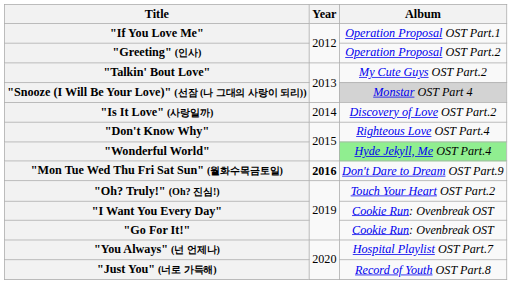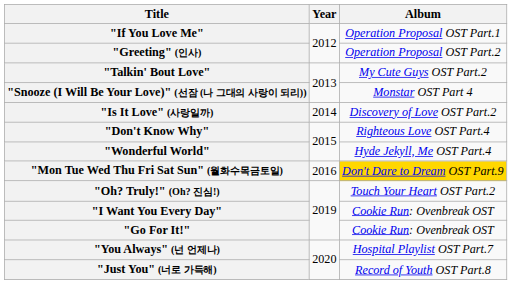 <table class="wikitable plainrowheaders" style="text-align: center;">
 <tr>
 <th>Title</th>
 <th>Year</th>
 <th>Album</th>
 </tr>
 <tr>
 <th scope="row">"If You Love Me"</th>
 <td rowspan="2">2012</td>
 <td><em><a href='#'>Operation Proposal</a> OST Part.1</em></td>
 </tr>
 <tr>
 <th scope="row">"Greeting" <small> (인사)</small></th>
 <td><em><a href='#'>Operation Proposal</a> OST Part.2</em></td>
 </tr>
 <tr>
 <th scope="row">"Talkin' Bout Love"</th>
 <td rowspan="2">2013</td>
 <td><em><a href='#'>My Cute Guys</a> OST Part.2</em></td>
 </tr>
 <tr>
 <th scope="row">"Snooze (I Will Be Your Love)" <small>(선잠 (나 그대의 사랑이 되리))</small></th>
-<td style="background: lightgrey;"><em><a href='#'>Monstar</a> OST Part 4</em></td>
+<td><em><a href='#'>Monstar</a> OST Part 4</em></td>
 </tr>
 <tr>
 <th scope="row">"Is It Love" <small>(사랑일까)</small></th>
 <td>2014</td>
 <td><em><a href='#'>Discovery of Love</a> OST Part.2</em></td>
 </tr>
 <tr>
 <th scope="row">"Don't Know Why"</th>
 <td rowspan="2">2015</td>
 <td><em><a href='#'>Righteous Love</a> OST Part.4</em></td>
 </tr>
 <tr>
 <th scope="row">"Wonderful World"</th>
-<td style="background: lightgreen;"><em><a href='#'>Hyde Jekyll, Me</a> OST Part.4</em></td>
+<td><em><a href='#'>Hyde Jekyll, Me</a> OST Part.4</em></td>
 </tr>
 <tr>
 <th scope="row">"Mon Tue Wed Thu Fri Sat Sun" <small>(월화수목금토일)</small></th>
-<td><strong>2016</strong></td>
-<td><em><a href='#'>Don't Dare to Dream</a> OST Part.9</em></td>
+<td>2016</td>
+<td style="background: gold;"><em><a href='#'>Don't Dare to Dream</a> OST Part.9</em></td>
 </tr>
 <tr>
 <th scope="row">"Oh? Truly!" <small>(Oh? 진심!)</small></th>
 <td rowspan="3">2019</td>
 <td><em><a href='#'>Touch Your Heart</a> OST Part.2</em></td>
 </tr>
 <tr>
 <th scope="row">"I Want You Every Day"</th>
 <td><em><a href='#'>Cookie Run</a>: Ovenbreak OST</em></td>
 </tr>
 <tr>
 <th scope="row">"Go For It!"</th>
 <td><em><a href='#'>Cookie Run</a>: Ovenbreak OST</em></td>
 </tr>
 <tr>
 <th scope="row">"You Always" <small>(넌 언제나)</small></th>
 <td rowspan="2">2020</td>
 <td><em><a href='#'>Hospital Playlist</a> OST Part.7</em></td>
 </tr>
 <tr>
 <th scope="row">"Just You" <small>(너로 가득해)</small></th>
 <td><em><a href='#'>Record of Youth</a> OST Part.8</em></td>
 </tr>
 </table>
